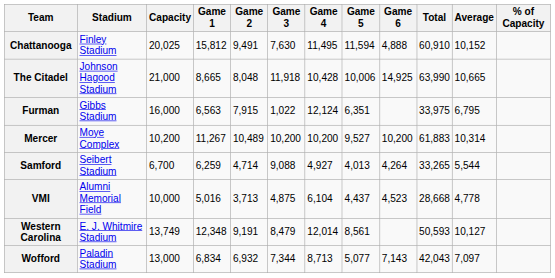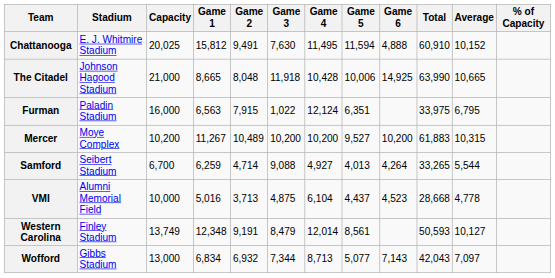 <table class="wikitable sortable">
 <tr>
 <th>Team</th>
 <th>Stadium</th>
 <th>Capacity</th>
 <th>Game 1</th>
 <th>Game 2</th>
 <th>Game 3</th>
 <th>Game 4</th>
 <th>Game 5</th>
 <th>Game 6</th>
 <th>Total</th>
 <th>Average</th>
 <th>% of Capacity</th>
 </tr>
 <tr>
 <th>Chattanooga</th>
-<td><a href='#'>Finley Stadium</a></td>
+<td><a href='#'>E. J. Whitmire Stadium</a></td>
 <td>20,025</td>
 <td>15,812</td>
 <td>9,491</td>
 <td>7,630</td>
 <td>11,495</td>
 <td>11,594</td>
 <td>4,888</td>
 <td>60,910</td>
 <td>10,152</td>
 <td></td>
 </tr>
 <tr>
 <th>The Citadel</th>
 <td><a href='#'>Johnson Hagood Stadium</a></td>
 <td>21,000</td>
 <td>8,665</td>
 <td>8,048</td>
 <td>11,918</td>
 <td>10,428</td>
 <td>10,006</td>
 <td>14,925</td>
 <td>63,990</td>
 <td>10,665</td>
 <td></td>
 </tr>
 <tr>
 <th>Furman</th>
-<td><a href='#'>Gibbs Stadium</a></td>
+<td><a href='#'>Paladin Stadium</a></td>
 <td>16,000</td>
 <td>6,563</td>
 <td>7,915</td>
 <td>1,022</td>
 <td>12,124</td>
 <td>6,351</td>
 <td></td>
 <td>33,975</td>
 <td>6,795</td>
 <td></td>
 </tr>
 <tr>
 <th>Mercer</th>
 <td><a href='#'>Moye Complex</a></td>
 <td>10,200</td>
 <td>11,267</td>
 <td>10,489</td>
 <td>10,200</td>
 <td>10,200</td>
 <td>9,527</td>
 <td>10,200</td>
 <td>61,883</td>
-<td>10,314</td>
+<td>10,315</td>
 <td></td>
 </tr>
 <tr>
 <th>Samford</th>
 <td><a href='#'>Seibert Stadium</a></td>
 <td>6,700</td>
 <td>6,259</td>
 <td>4,714</td>
 <td>9,088</td>
 <td>4,927</td>
 <td>4,013</td>
 <td>4,264</td>
 <td>33,265</td>
 <td>5,544</td>
 <td></td>
 </tr>
 <tr>
 <th>VMI</th>
 <td><a href='#'>Alumni Memorial Field</a></td>
 <td>10,000</td>
 <td>5,016</td>
 <td>3,713</td>
 <td>4,875</td>
 <td>6,104</td>
 <td>4,437</td>
 <td>4,523</td>
 <td>28,668</td>
 <td>4,778</td>
 <td></td>
 </tr>
 <tr>
 <th>Western Carolina</th>
-<td><a href='#'>E. J. Whitmire Stadium</a></td>
+<td><a href='#'>Finley Stadium</a></td>
 <td>13,749</td>
 <td>12,348</td>
 <td>9,191</td>
 <td>8,479</td>
 <td>12,014</td>
 <td>8,561</td>
 <td></td>
 <td>50,593</td>
 <td>10,127</td>
 <td></td>
 </tr>
 <tr>
 <th>Wofford</th>
-<td><a href='#'>Paladin Stadium</a></td>
+<td><a href='#'>Gibbs Stadium</a></td>
 <td>13,000</td>
 <td>6,834</td>
 <td>6,932</td>
 <td>7,344</td>
 <td>8,713</td>
 <td>5,077</td>
 <td>7,143</td>
 <td>42,043</td>
 <td>7,097</td>
 <td></td>
 </tr>
 </table>
